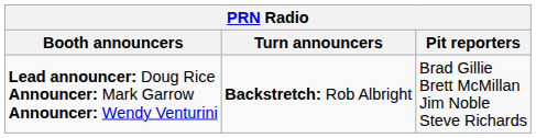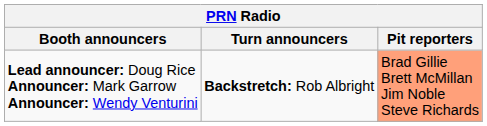 <table class="wikitable" style="font-size: 95%">
 <tr>
 <th colspan="3"><a href='#'>PRN</a> Radio</th>
 </tr>
 <tr>
 <th>Booth announcers</th>
 <th>Turn announcers</th>
 <th>Pit reporters</th>
 </tr>
 <tr>
 <td><strong>Lead announcer:</strong> Doug Rice<br><strong>Announcer:</strong> Mark Garrow<br><strong>Announcer:</strong> <a href='#'>Wendy Venturini</a></td>
 <td><strong>Backstretch:</strong> Rob Albright</td>
-<td>Brad Gillie<br>Brett McMillan<br>Jim Noble<br>Steve Richards</td>
+<td style="background: lightsalmon;">Brad Gillie<br>Brett McMillan<br>Jim Noble<br>Steve Richards</td>
 </tr>
 </table>
